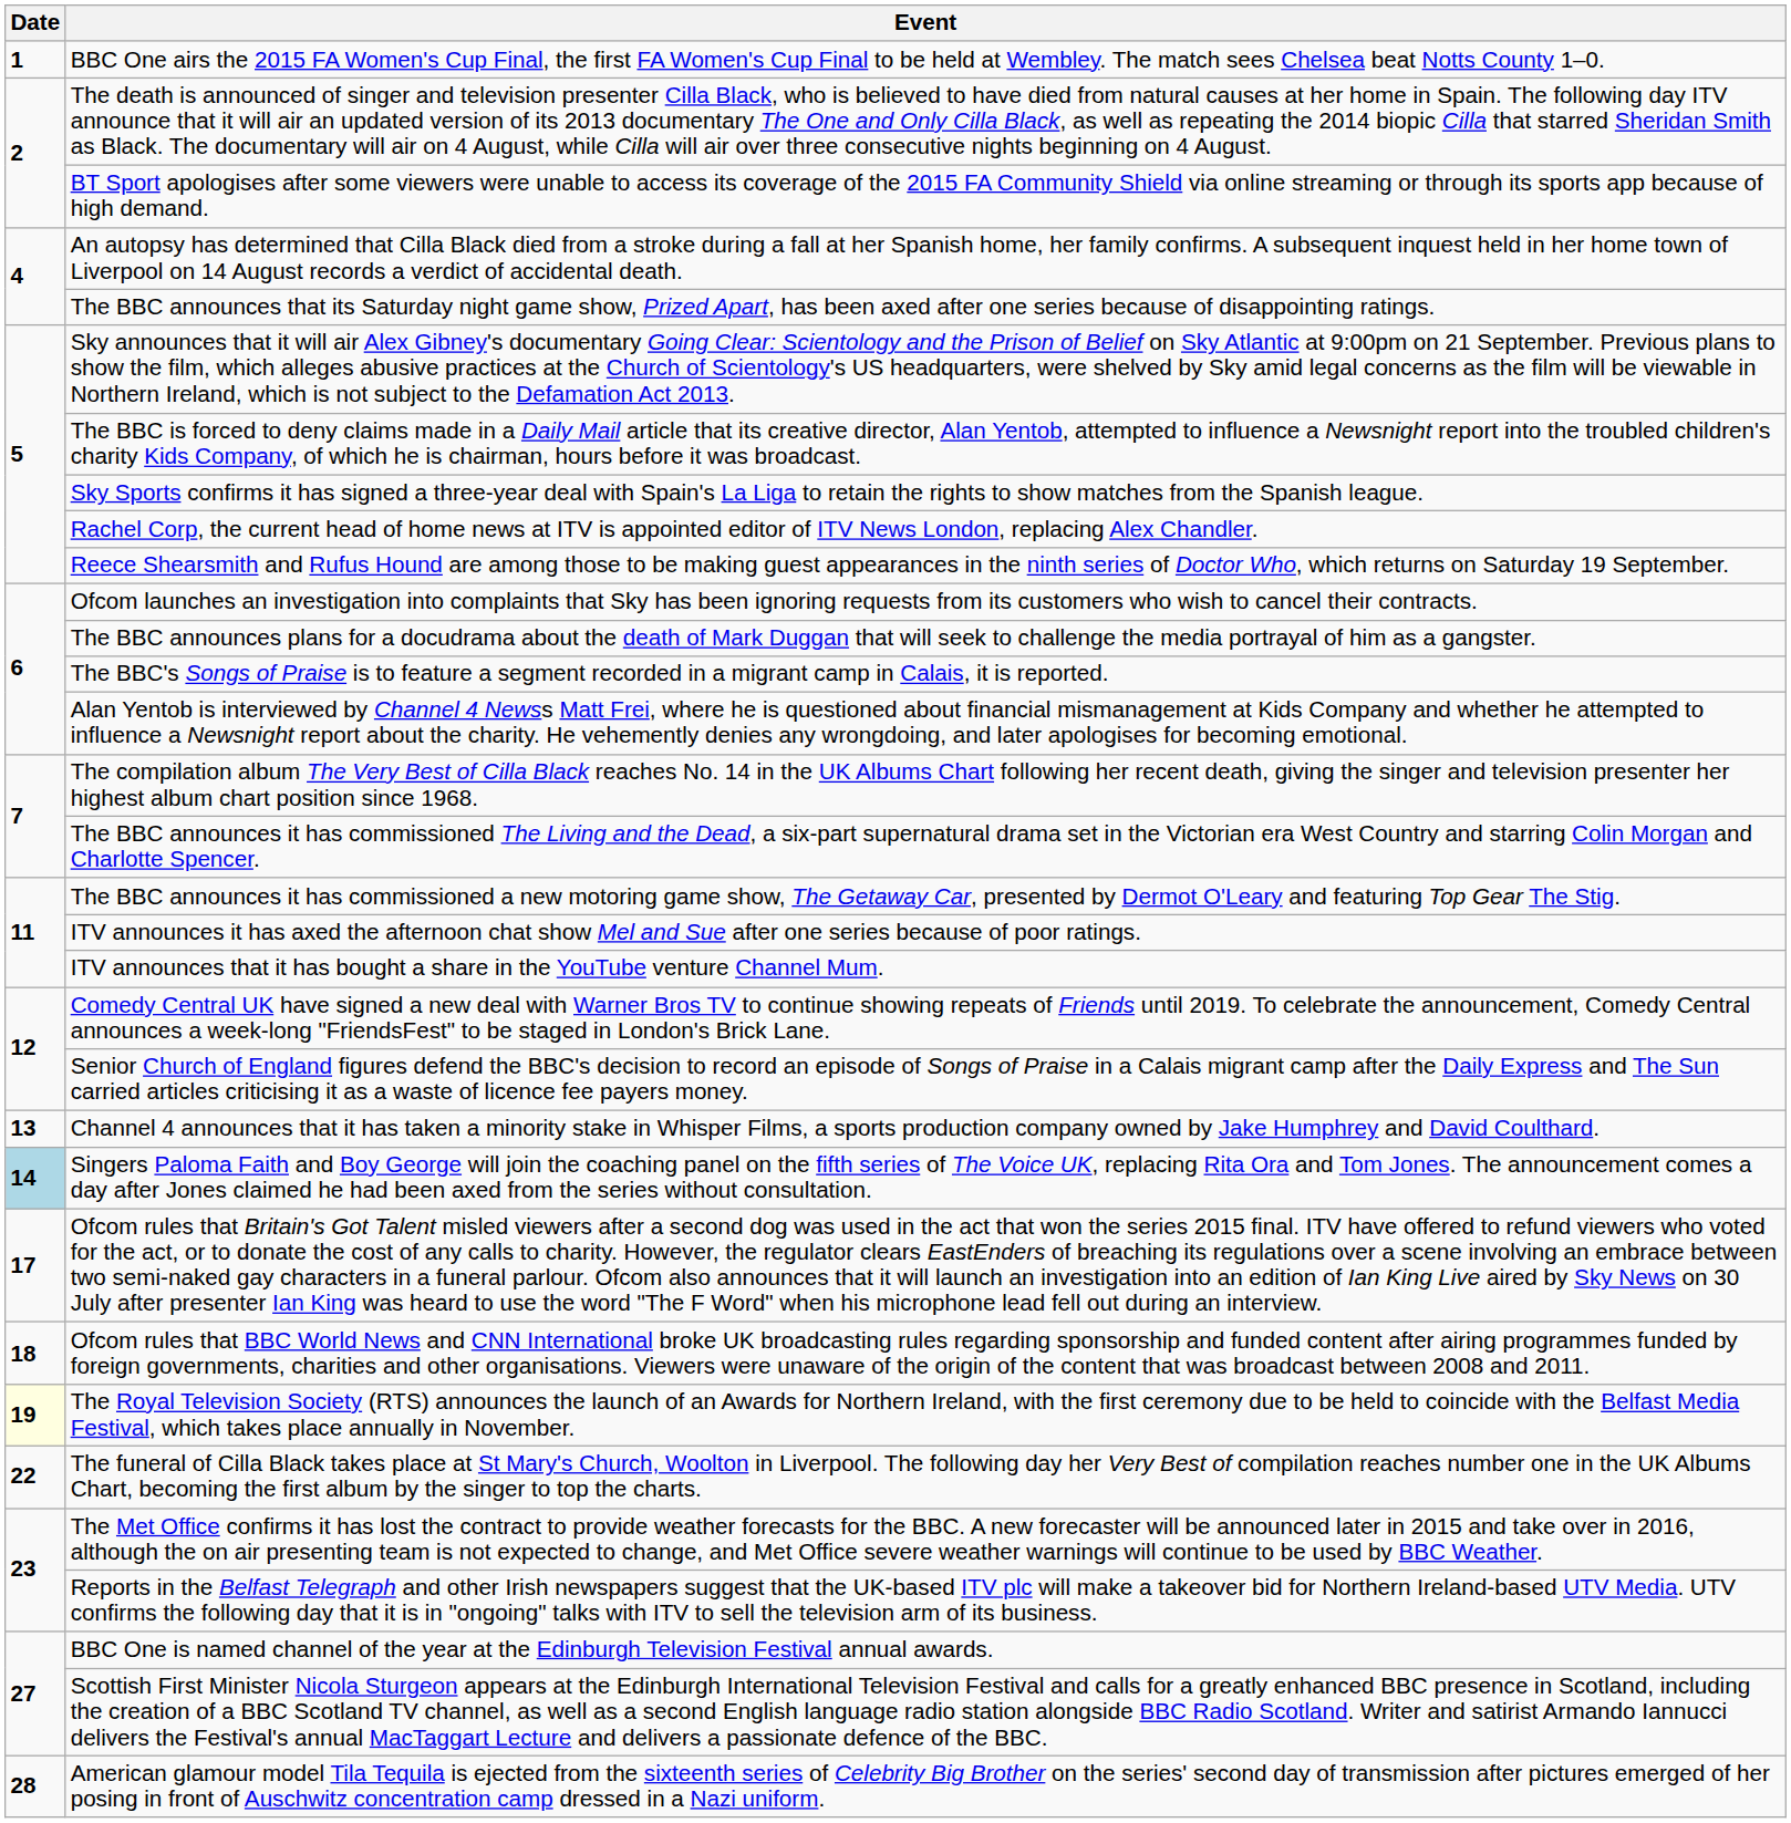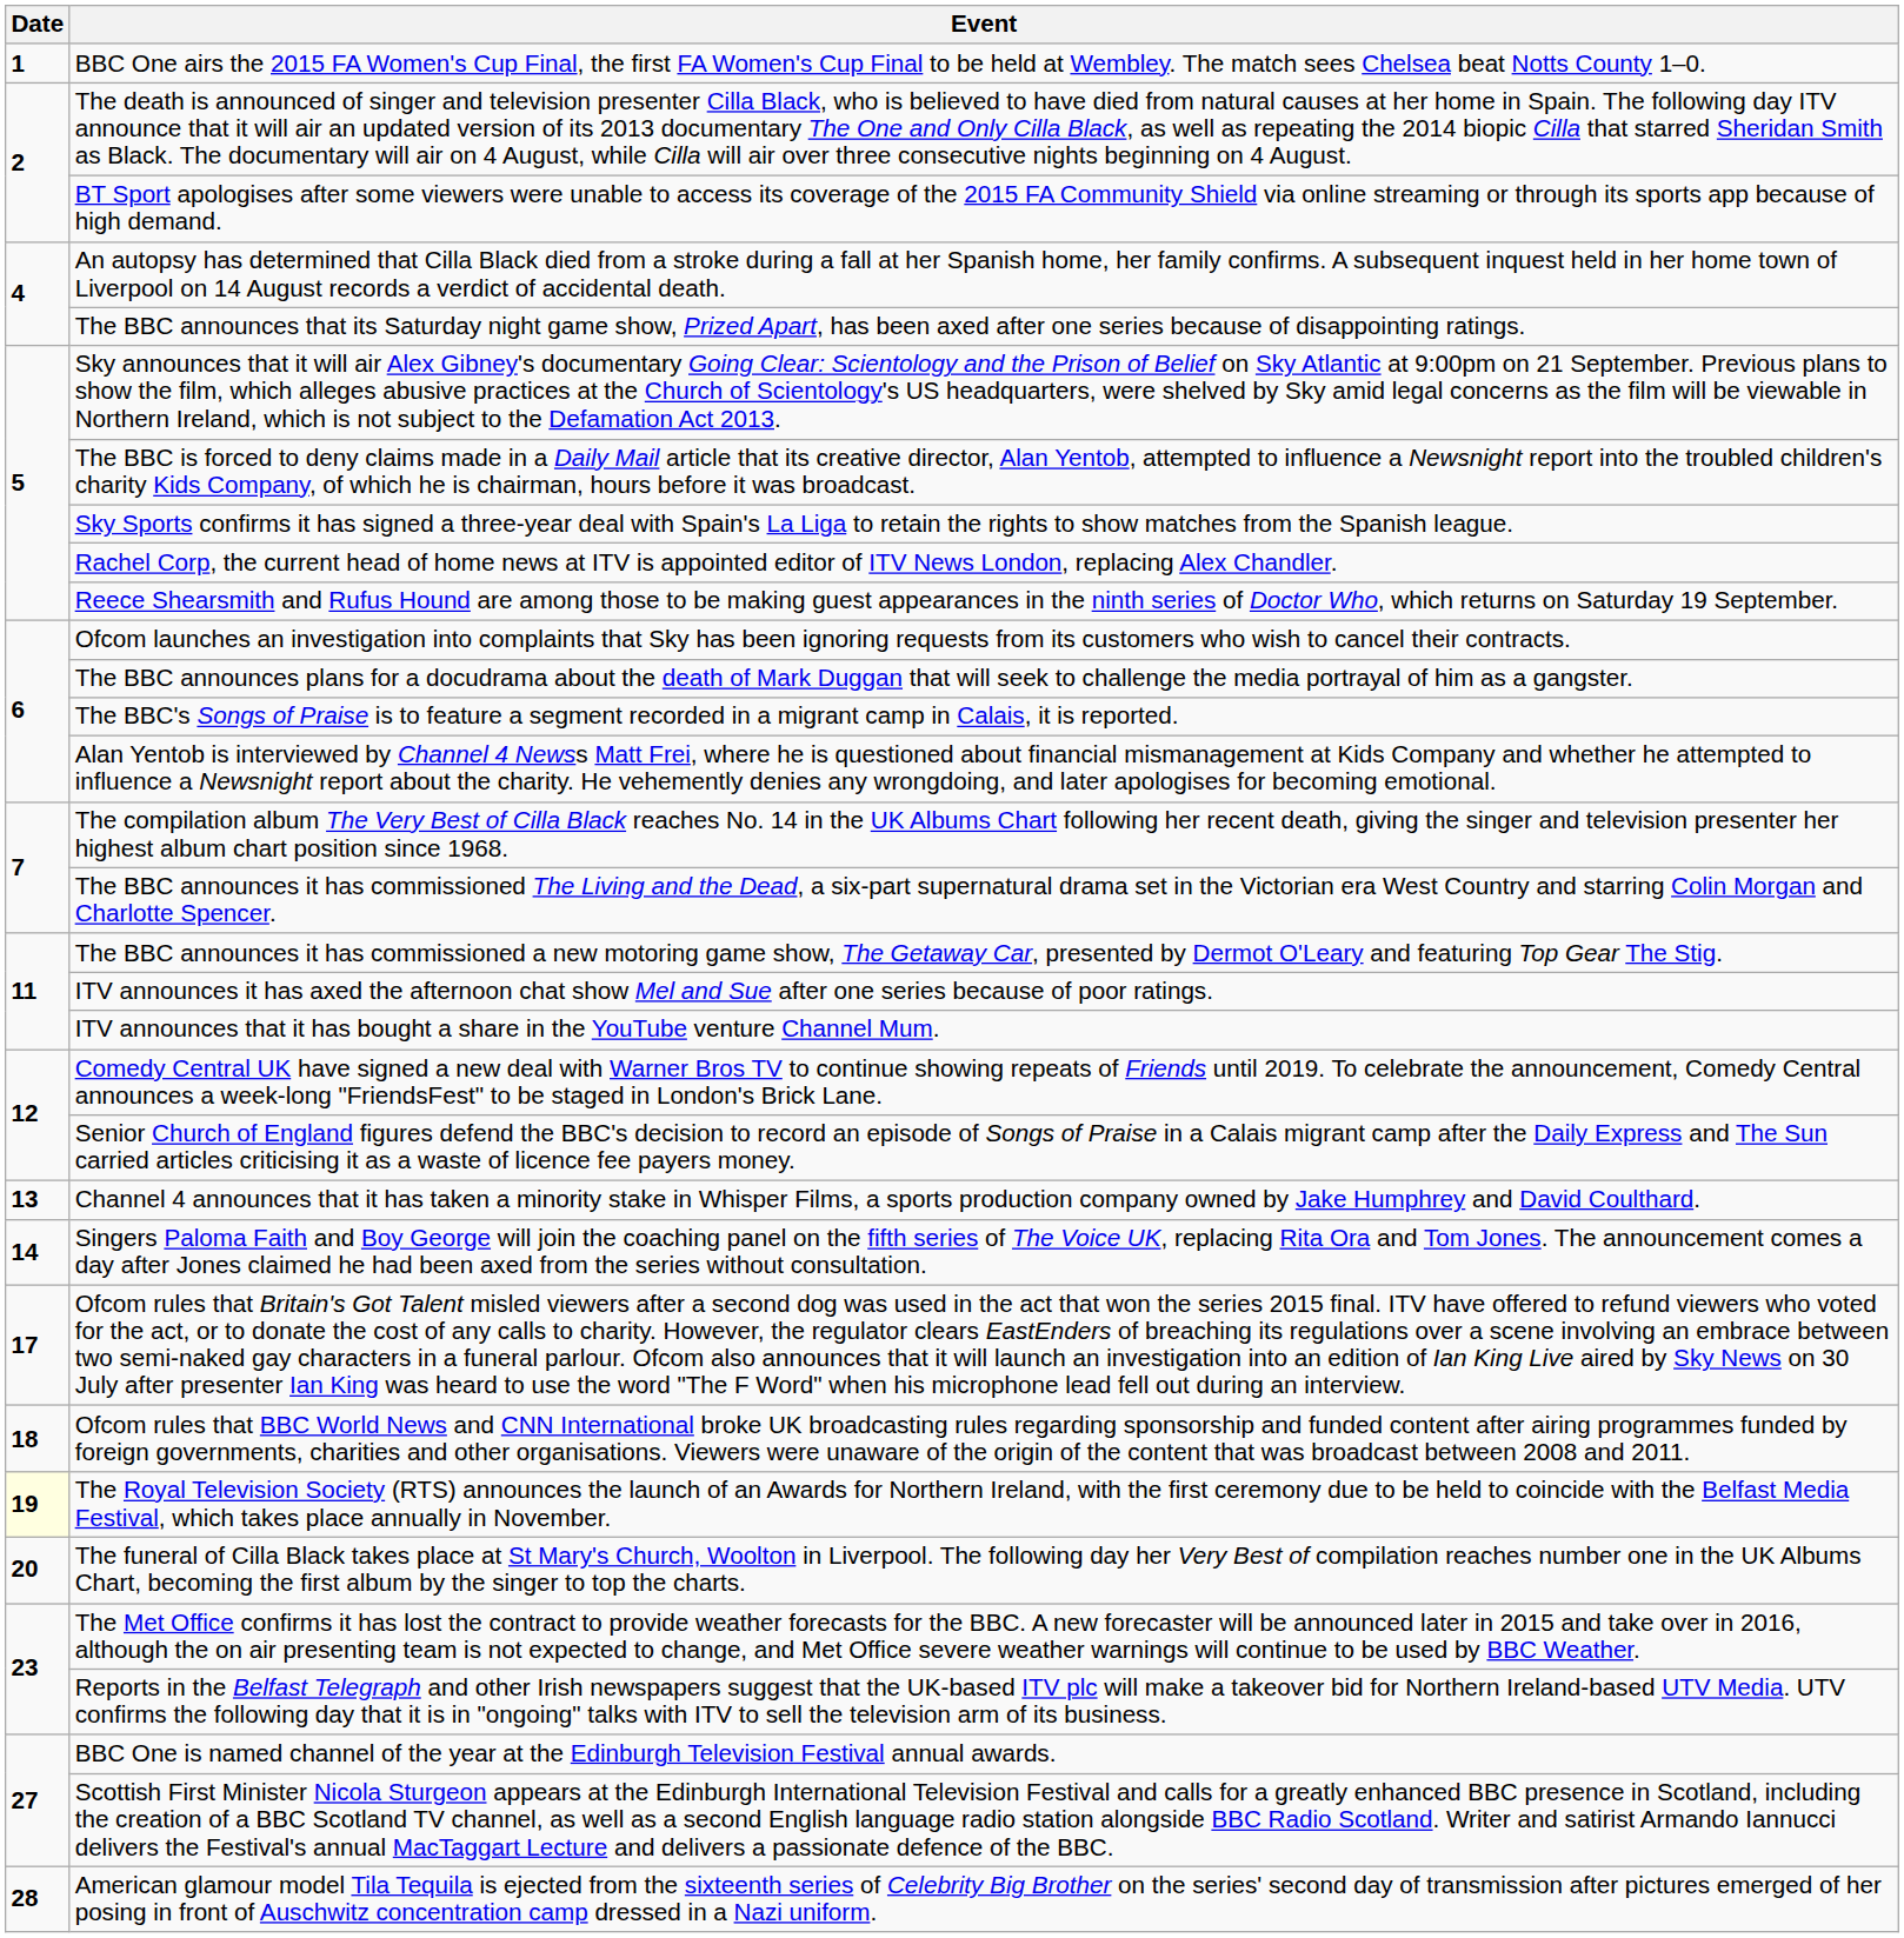 <table class="wikitable">
 <tr>
 <th>Date</th>
 <th>Event</th>
 </tr>
 <tr>
 <td><strong>1</strong></td>
 <td>BBC One airs the <a href='#'>2015 FA Women's Cup Final</a>, the first <a href='#'>FA Women's Cup Final</a> to be held at <a href='#'>Wembley</a>. The match sees <a href='#'>Chelsea</a> beat <a href='#'>Notts County</a> 1–0.</td>
 </tr>
 <tr>
 <td rowspan=2><strong>2</strong></td>
 <td>The death is announced of singer and television presenter <a href='#'>Cilla Black</a>, who is believed to have died from natural causes at her home in Spain. The following day ITV announce that it will air an updated version of its 2013 documentary <em><a href='#'>The One and Only Cilla Black</a></em>, as well as repeating the 2014 biopic <em><a href='#'>Cilla</a></em> that starred <a href='#'>Sheridan Smith</a> as Black. The documentary will air on 4 August, while <em>Cilla</em> will air over three consecutive nights beginning on 4 August.</td>
 </tr>
 <tr>
 <td><a href='#'>BT Sport</a> apologises after some viewers were unable to access its coverage of the <a href='#'>2015 FA Community Shield</a> via online streaming or through its sports app because of high demand.</td>
 </tr>
 <tr>
 <td rowspan=2><strong>4</strong></td>
 <td>An autopsy has determined that Cilla Black died from a stroke during a fall at her Spanish home, her family confirms. A subsequent inquest held in her home town of Liverpool on 14 August records a verdict of accidental death.</td>
 </tr>
 <tr>
 <td>The BBC announces that its Saturday night game show, <em><a href='#'>Prized Apart</a></em>, has been axed after one series because of disappointing ratings.</td>
 </tr>
 <tr>
 <td rowspan=5><strong>5</strong></td>
 <td>Sky announces that it will air <a href='#'>Alex Gibney</a>'s documentary <em><a href='#'>Going Clear: Scientology and the Prison of Belief</a></em> on <a href='#'>Sky Atlantic</a> at 9:00pm on 21 September. Previous plans to show the film, which alleges abusive practices at the <a href='#'>Church of Scientology</a>'s US headquarters, were shelved by Sky amid legal concerns as the film will be viewable in Northern Ireland, which is not subject to the <a href='#'>Defamation Act 2013</a>.</td>
 </tr>
 <tr>
 <td>The BBC is forced to deny claims made in a <em><a href='#'>Daily Mail</a></em> article that its creative director, <a href='#'>Alan Yentob</a>, attempted to influence a <em>Newsnight</em> report into the troubled children's charity <a href='#'>Kids Company</a>, of which he is chairman, hours before it was broadcast.</td>
 </tr>
 <tr>
 <td><a href='#'>Sky Sports</a> confirms it has signed a three-year deal with Spain's <a href='#'>La Liga</a> to retain the rights to show matches from the Spanish league.</td>
 </tr>
 <tr>
 <td><a href='#'>Rachel Corp</a>, the current head of home news at ITV is appointed editor of <a href='#'>ITV News London</a>, replacing <a href='#'>Alex Chandler</a>.</td>
 </tr>
 <tr>
 <td><a href='#'>Reece Shearsmith</a> and <a href='#'>Rufus Hound</a> are among those to be making guest appearances in the <a href='#'>ninth series</a> of <em><a href='#'>Doctor Who</a></em>, which returns on Saturday 19 September.</td>
 </tr>
 <tr>
 <td rowspan=4><strong>6</strong></td>
 <td>Ofcom launches an investigation into complaints that Sky has been ignoring requests from its customers who wish to cancel their contracts.</td>
 </tr>
 <tr>
 <td>The BBC announces plans for a docudrama about the <a href='#'>death of Mark Duggan</a> that will seek to challenge the media portrayal of him as a gangster.</td>
 </tr>
 <tr>
 <td>The BBC's <em><a href='#'>Songs of Praise</a></em> is to feature a segment recorded in a migrant camp in <a href='#'>Calais</a>, it is reported.</td>
 </tr>
 <tr>
 <td>Alan Yentob is interviewed by <em><a href='#'>Channel 4 News</a></em>s <a href='#'>Matt Frei</a>, where he is questioned about financial mismanagement at Kids Company and whether he attempted to influence a <em>Newsnight</em> report about the charity. He vehemently denies any wrongdoing, and later apologises for becoming emotional.</td>
 </tr>
 <tr>
 <td rowspan=2><strong>7</strong></td>
 <td>The compilation album <em><a href='#'>The Very Best of Cilla Black</a></em> reaches No. 14 in the <a href='#'>UK Albums Chart</a> following her recent death, giving the singer and television presenter her highest album chart position since 1968.</td>
 </tr>
 <tr>
 <td>The BBC announces it has commissioned <em><a href='#'>The Living and the Dead</a></em>, a six-part supernatural drama set in the Victorian era West Country and starring <a href='#'>Colin Morgan</a> and <a href='#'>Charlotte Spencer</a>.</td>
 </tr>
 <tr>
 <td rowspan=3><strong>11</strong></td>
 <td>The BBC announces it has commissioned a new motoring game show, <em><a href='#'>The Getaway Car</a></em>, presented by <a href='#'>Dermot O'Leary</a> and featuring <em>Top Gear</em> <a href='#'>The Stig</a>.</td>
 </tr>
 <tr>
 <td>ITV announces it has axed the afternoon chat show <em><a href='#'>Mel and Sue</a></em> after one series because of poor ratings.</td>
 </tr>
 <tr>
 <td>ITV announces that it has bought a share in the <a href='#'>YouTube</a> venture <a href='#'>Channel Mum</a>.</td>
 </tr>
 <tr>
 <td rowspan=2><strong>12</strong></td>
 <td><a href='#'>Comedy Central UK</a> have signed a new deal with <a href='#'>Warner Bros TV</a> to continue showing repeats of <em><a href='#'>Friends</a></em> until 2019. To celebrate the announcement, Comedy Central announces a week-long "FriendsFest" to be staged in London's Brick Lane.</td>
 </tr>
 <tr>
 <td>Senior <a href='#'>Church of England</a> figures defend the BBC's decision to record an episode of <em>Songs of Praise</em> in a Calais migrant camp after the <a href='#'>Daily Express</a> and <a href='#'>The Sun</a> carried articles criticising it as a waste of licence fee payers money.</td>
 </tr>
 <tr>
 <td><strong>13</strong></td>
 <td>Channel 4 announces that it has taken a minority stake in Whisper Films, a sports production company owned by <a href='#'>Jake Humphrey</a> and <a href='#'>David Coulthard</a>.</td>
 </tr>
 <tr>
-<td style="background: lightblue;"><strong>14</strong></td>
+<td><strong>14</strong></td>
 <td>Singers <a href='#'>Paloma Faith</a> and <a href='#'>Boy George</a> will join the coaching panel on the <a href='#'>fifth series</a> of <em><a href='#'>The Voice UK</a></em>, replacing <a href='#'>Rita Ora</a> and <a href='#'>Tom Jones</a>. The announcement comes a day after Jones claimed he had been axed from the series without consultation.</td>
 </tr>
 <tr>
 <td><strong>17</strong></td>
 <td>Ofcom rules that <em>Britain's Got Talent</em> misled viewers after a second dog was used in the act that won the series 2015 final. ITV have offered to refund viewers who voted for the act, or to donate the cost of any calls to charity. However, the regulator clears <em>EastEnders</em> of breaching its regulations over a scene involving an embrace between two semi-naked gay characters in a funeral parlour. Ofcom also announces that it will launch an investigation into an edition of <em>Ian King Live</em> aired by <a href='#'>Sky News</a> on 30 July after presenter <a href='#'>Ian King</a> was heard to use the word "The F Word" when his microphone lead fell out during an interview.</td>
 </tr>
 <tr>
 <td><strong>18</strong></td>
 <td>Ofcom rules that <a href='#'>BBC World News</a> and <a href='#'>CNN International</a> broke UK broadcasting rules regarding sponsorship and funded content after airing programmes funded by foreign governments, charities and other organisations. Viewers were unaware of the origin of the content that was broadcast between 2008 and 2011.</td>
 </tr>
 <tr>
 <td style="background: lightyellow;"><strong>19</strong></td>
 <td>The <a href='#'>Royal Television Society</a> (RTS) announces the launch of an Awards for Northern Ireland, with the first ceremony due to be held to coincide with the <a href='#'>Belfast Media Festival</a>, which takes place annually in November.</td>
 </tr>
 <tr>
-<td><strong>22</strong></td>
+<td><strong>20</strong></td>
 <td>The funeral of Cilla Black takes place at <a href='#'>St Mary's Church, Woolton</a> in Liverpool. The following day her <em>Very Best of</em> compilation reaches number one in the UK Albums Chart, becoming the first album by the singer to top the charts.</td>
 </tr>
 <tr>
 <td rowspan=2><strong>23</strong></td>
 <td>The <a href='#'>Met Office</a> confirms it has lost the contract to provide weather forecasts for the BBC. A new forecaster will be announced later in 2015 and take over in 2016, although the on air presenting team is not expected to change, and Met Office severe weather warnings will continue to be used by <a href='#'>BBC Weather</a>.</td>
 </tr>
 <tr>
 <td>Reports in the <em><a href='#'>Belfast Telegraph</a></em> and other Irish newspapers suggest that the UK-based <a href='#'>ITV plc</a> will make a takeover bid for Northern Ireland-based <a href='#'>UTV Media</a>. UTV confirms the following day that it is in "ongoing" talks with ITV to sell the television arm of its business.</td>
 </tr>
 <tr>
 <td rowspan=2><strong>27</strong></td>
 <td>BBC One is named channel of the year at the <a href='#'>Edinburgh Television Festival</a> annual awards.</td>
 </tr>
 <tr>
 <td>Scottish First Minister <a href='#'>Nicola Sturgeon</a> appears at the Edinburgh International Television Festival and calls for a greatly enhanced BBC presence in Scotland, including the creation of a BBC Scotland TV channel, as well as a second English language radio station alongside <a href='#'>BBC Radio Scotland</a>. Writer and satirist Armando Iannucci delivers the Festival's annual <a href='#'>MacTaggart Lecture</a> and delivers a passionate defence of the BBC.</td>
 </tr>
 <tr>
 <td><strong>28</strong></td>
 <td>American glamour model <a href='#'>Tila Tequila</a> is ejected from the <a href='#'>sixteenth series</a> of <em><a href='#'>Celebrity Big Brother</a></em> on the series' second day of transmission after pictures emerged of her posing in front of <a href='#'>Auschwitz concentration camp</a> dressed in a <a href='#'>Nazi uniform</a>.</td>
 </tr>
 </table>
